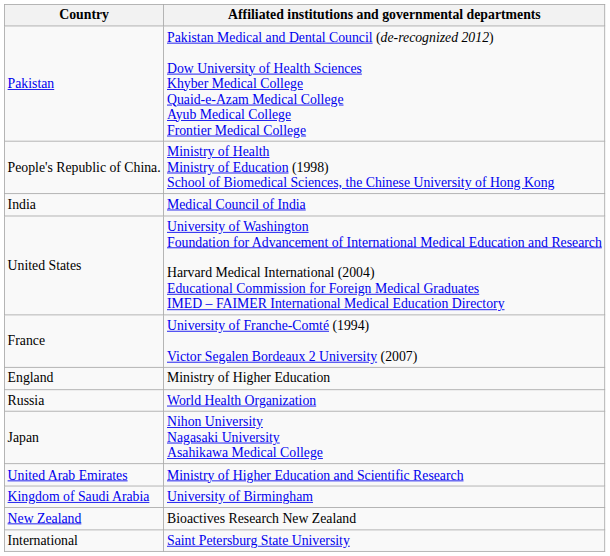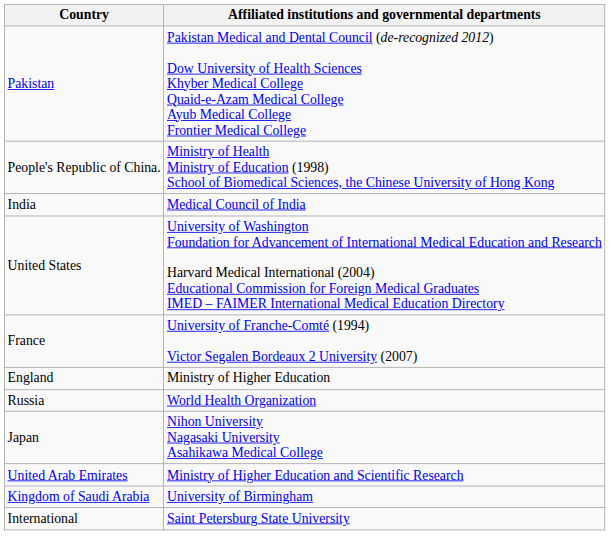 <table class="wikitable">
 <tr>
 <th>Country</th>
 <th>Affiliated institutions and governmental departments</th>
 </tr>
 <tr>
 <td><a href='#'>Pakistan</a></td>
 <td><a href='#'>Pakistan Medical and Dental Council</a> (<em>de-recognized 2012</em>)<br><br><a href='#'>Dow University of Health Sciences</a><br> <a href='#'>Khyber Medical College</a><br> <a href='#'>Quaid-e-Azam Medical College</a><br> <a href='#'>Ayub Medical College</a><br> <a href='#'>Frontier Medical College</a><br></td>
 </tr>
 <tr>
 <td>People's Republic of China.</td>
 <td><a href='#'>Ministry of Health</a><br><a href='#'>Ministry of Education</a> (1998)<br><a href='#'>School of Biomedical Sciences, the Chinese University of Hong Kong</a></td>
 </tr>
 <tr>
 <td>India</td>
 <td><a href='#'>Medical Council of India</a></td>
 </tr>
 <tr>
 <td>United States</td>
 <td><a href='#'>University of Washington</a><br><a href='#'>Foundation for Advancement of International Medical Education and Research</a><br><br>Harvard Medical International (2004)<br><a href='#'>Educational Commission for Foreign Medical Graduates</a><br><a href='#'>IMED – FAIMER International Medical Education Directory</a></td>
 </tr>
 <tr>
 <td>France</td>
 <td><a href='#'>University of Franche-Comté</a> (1994)<br><br><a href='#'>Victor Segalen Bordeaux 2 University</a> (2007)</td>
 </tr>
 <tr>
 <td>England</td>
 <td>Ministry of Higher Education</td>
 </tr>
 <tr>
 <td>Russia</td>
 <td><a href='#'>World Health Organization</a></td>
 </tr>
 <tr>
 <td>Japan</td>
 <td><a href='#'>Nihon University</a><br><a href='#'>Nagasaki University</a><br> <a href='#'>Asahikawa Medical College</a></td>
 </tr>
 <tr>
 <td><a href='#'>United Arab Emirates</a></td>
 <td><a href='#'>Ministry of Higher Education and Scientific Research</a></td>
 </tr>
 <tr>
 <td><a href='#'>Kingdom of Saudi Arabia</a></td>
 <td><a href='#'>University of Birmingham</a></td>
 </tr>
 <tr>
-<td><a href='#'>New Zealand</a></td>
-<td>Bioactives Research New Zealand</td>
-</tr>
-<tr>
 <td>International</td>
 <td><a href='#'>Saint Petersburg State University</a></td>
 </tr>
 </table>
